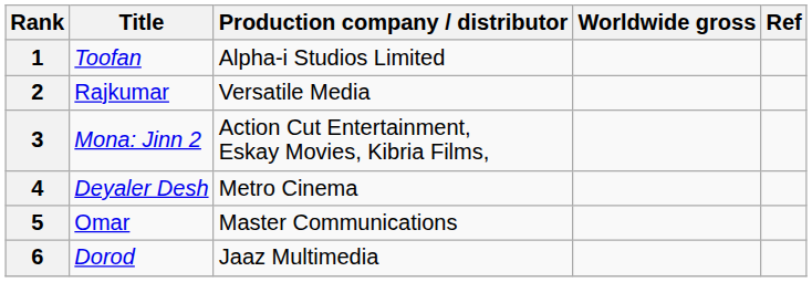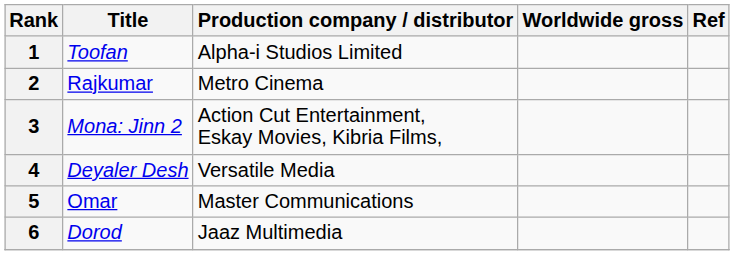 <table class="wikitable sortable" style="margin:automaaa ki tere; margin:auto;">
 <tr>
 <th>Rank</th>
 <th>Title</th>
 <th>Production company / distributor</th>
 <th>Worldwide gross</th>
 <th>Ref</th>
 </tr>
 <tr>
 <th style="text-align:center;">1</th>
 <td style="text-align:left;"><em><a href='#'>Toofan</a></em></td>
 <td>Alpha-i Studios Limited</td>
 <td></td>
 <td></td>
 </tr>
 <tr>
 <th style="text-align:center;">2</th>
 <td><em><a href='#'></em>Rajkumar<em></a></em></td>
-<td>Versatile Media</td>
+<td>Metro Cinema</td>
 <td></td>
 <td></td>
 </tr>
 <tr>
 <th style="text-align:center;">3</th>
 <td><em><a href='#'>Mona: Jinn 2</a></em></td>
 <td>Action Cut Entertainment,<br>Eskay Movies, Kibria Films,</td>
 <td></td>
 <td></td>
 </tr>
 <tr>
 <th style="text-align:center;">4</th>
 <td><em><a href='#'>Deyaler Desh</a></em></td>
-<td>Metro Cinema</td>
+<td>Versatile Media</td>
 <td></td>
 <td></td>
 </tr>
 <tr>
 <th style="text-align:center;">5</th>
 <td><em><a href='#'></em>Omar<em></a></em></td>
 <td>Master Communications</td>
 <td></td>
 <td></td>
 </tr>
 <tr>
 <th style="text-align:center;">6</th>
 <td style="text-align:left;"><em><a href='#'>Dorod</a></em></td>
 <td>Jaaz Multimedia</td>
 <td></td>
 <td></td>
 </tr>
 <tr>
 </tr>
 </table>
